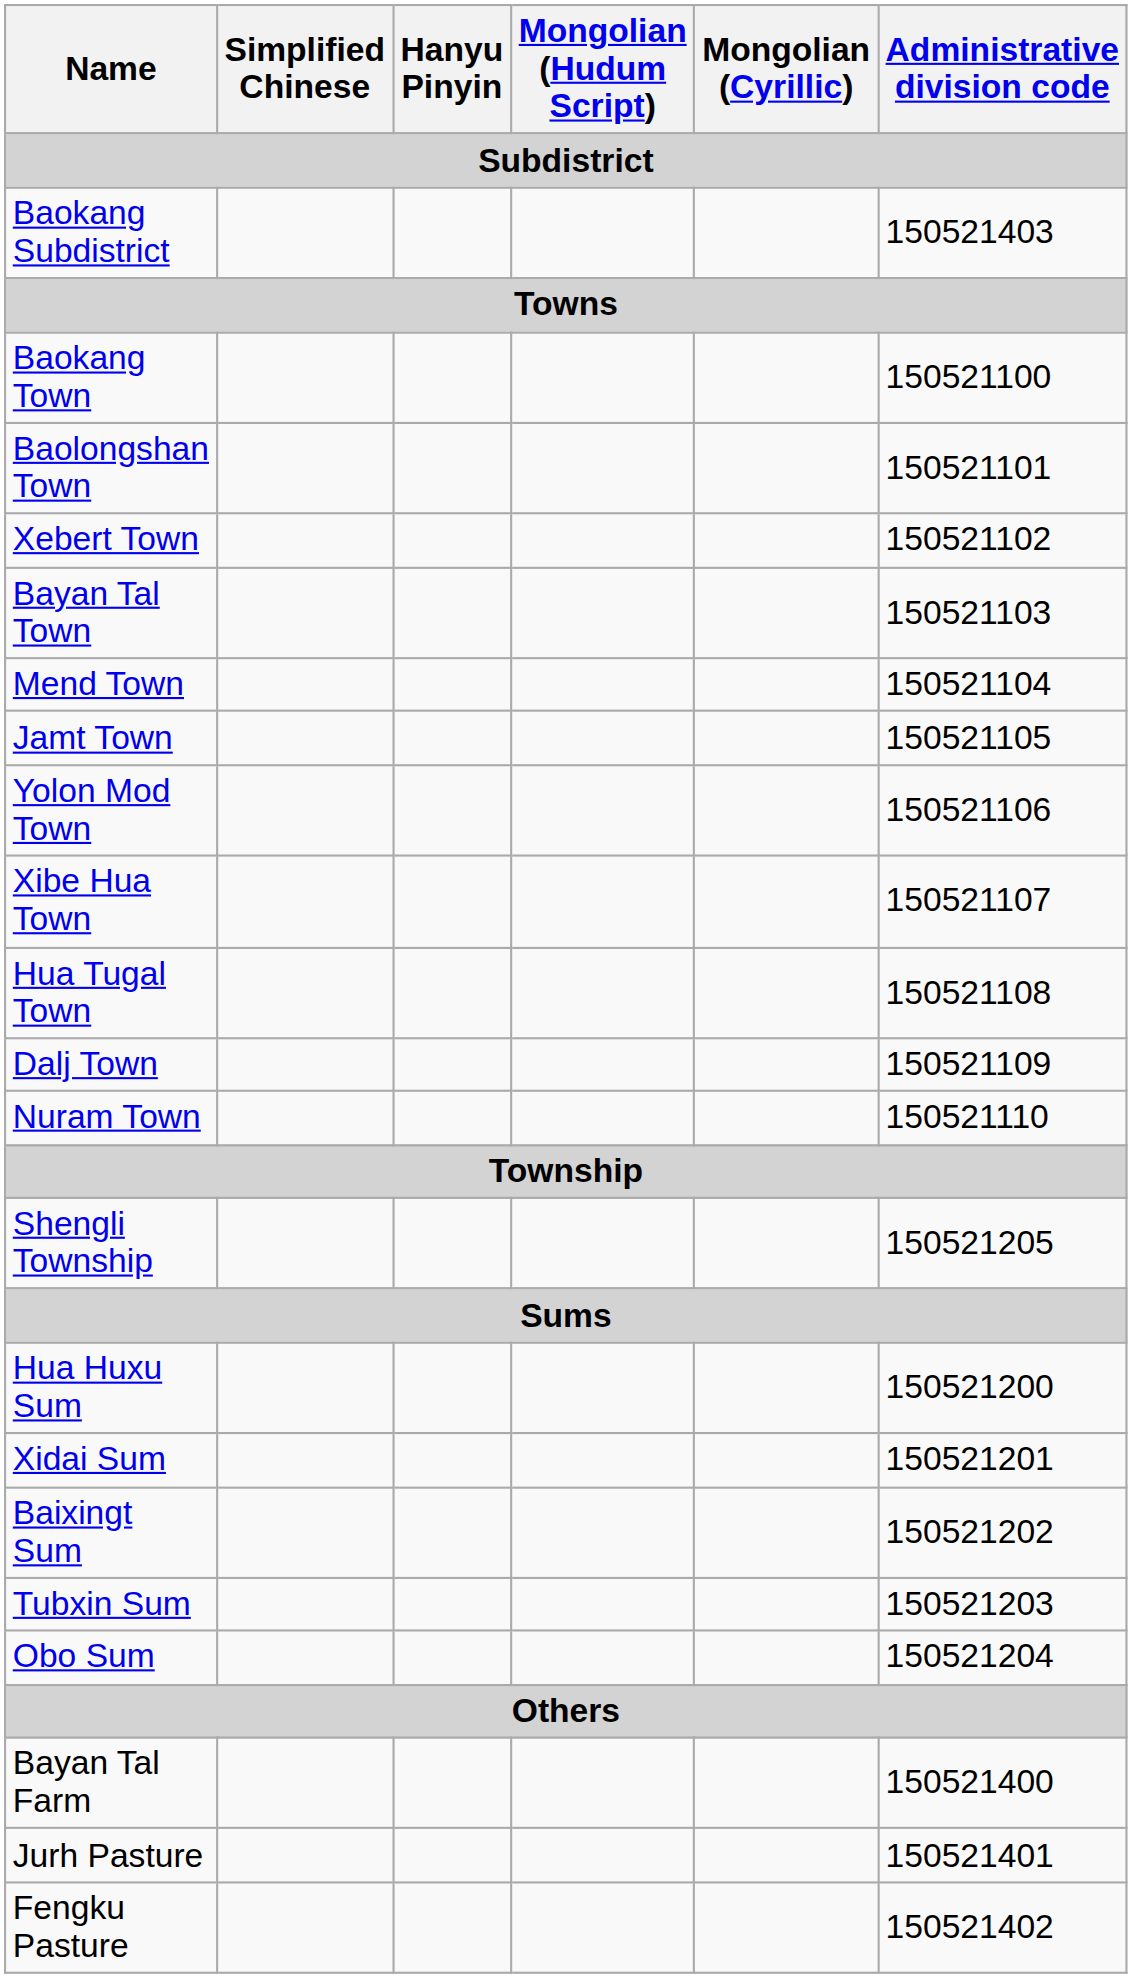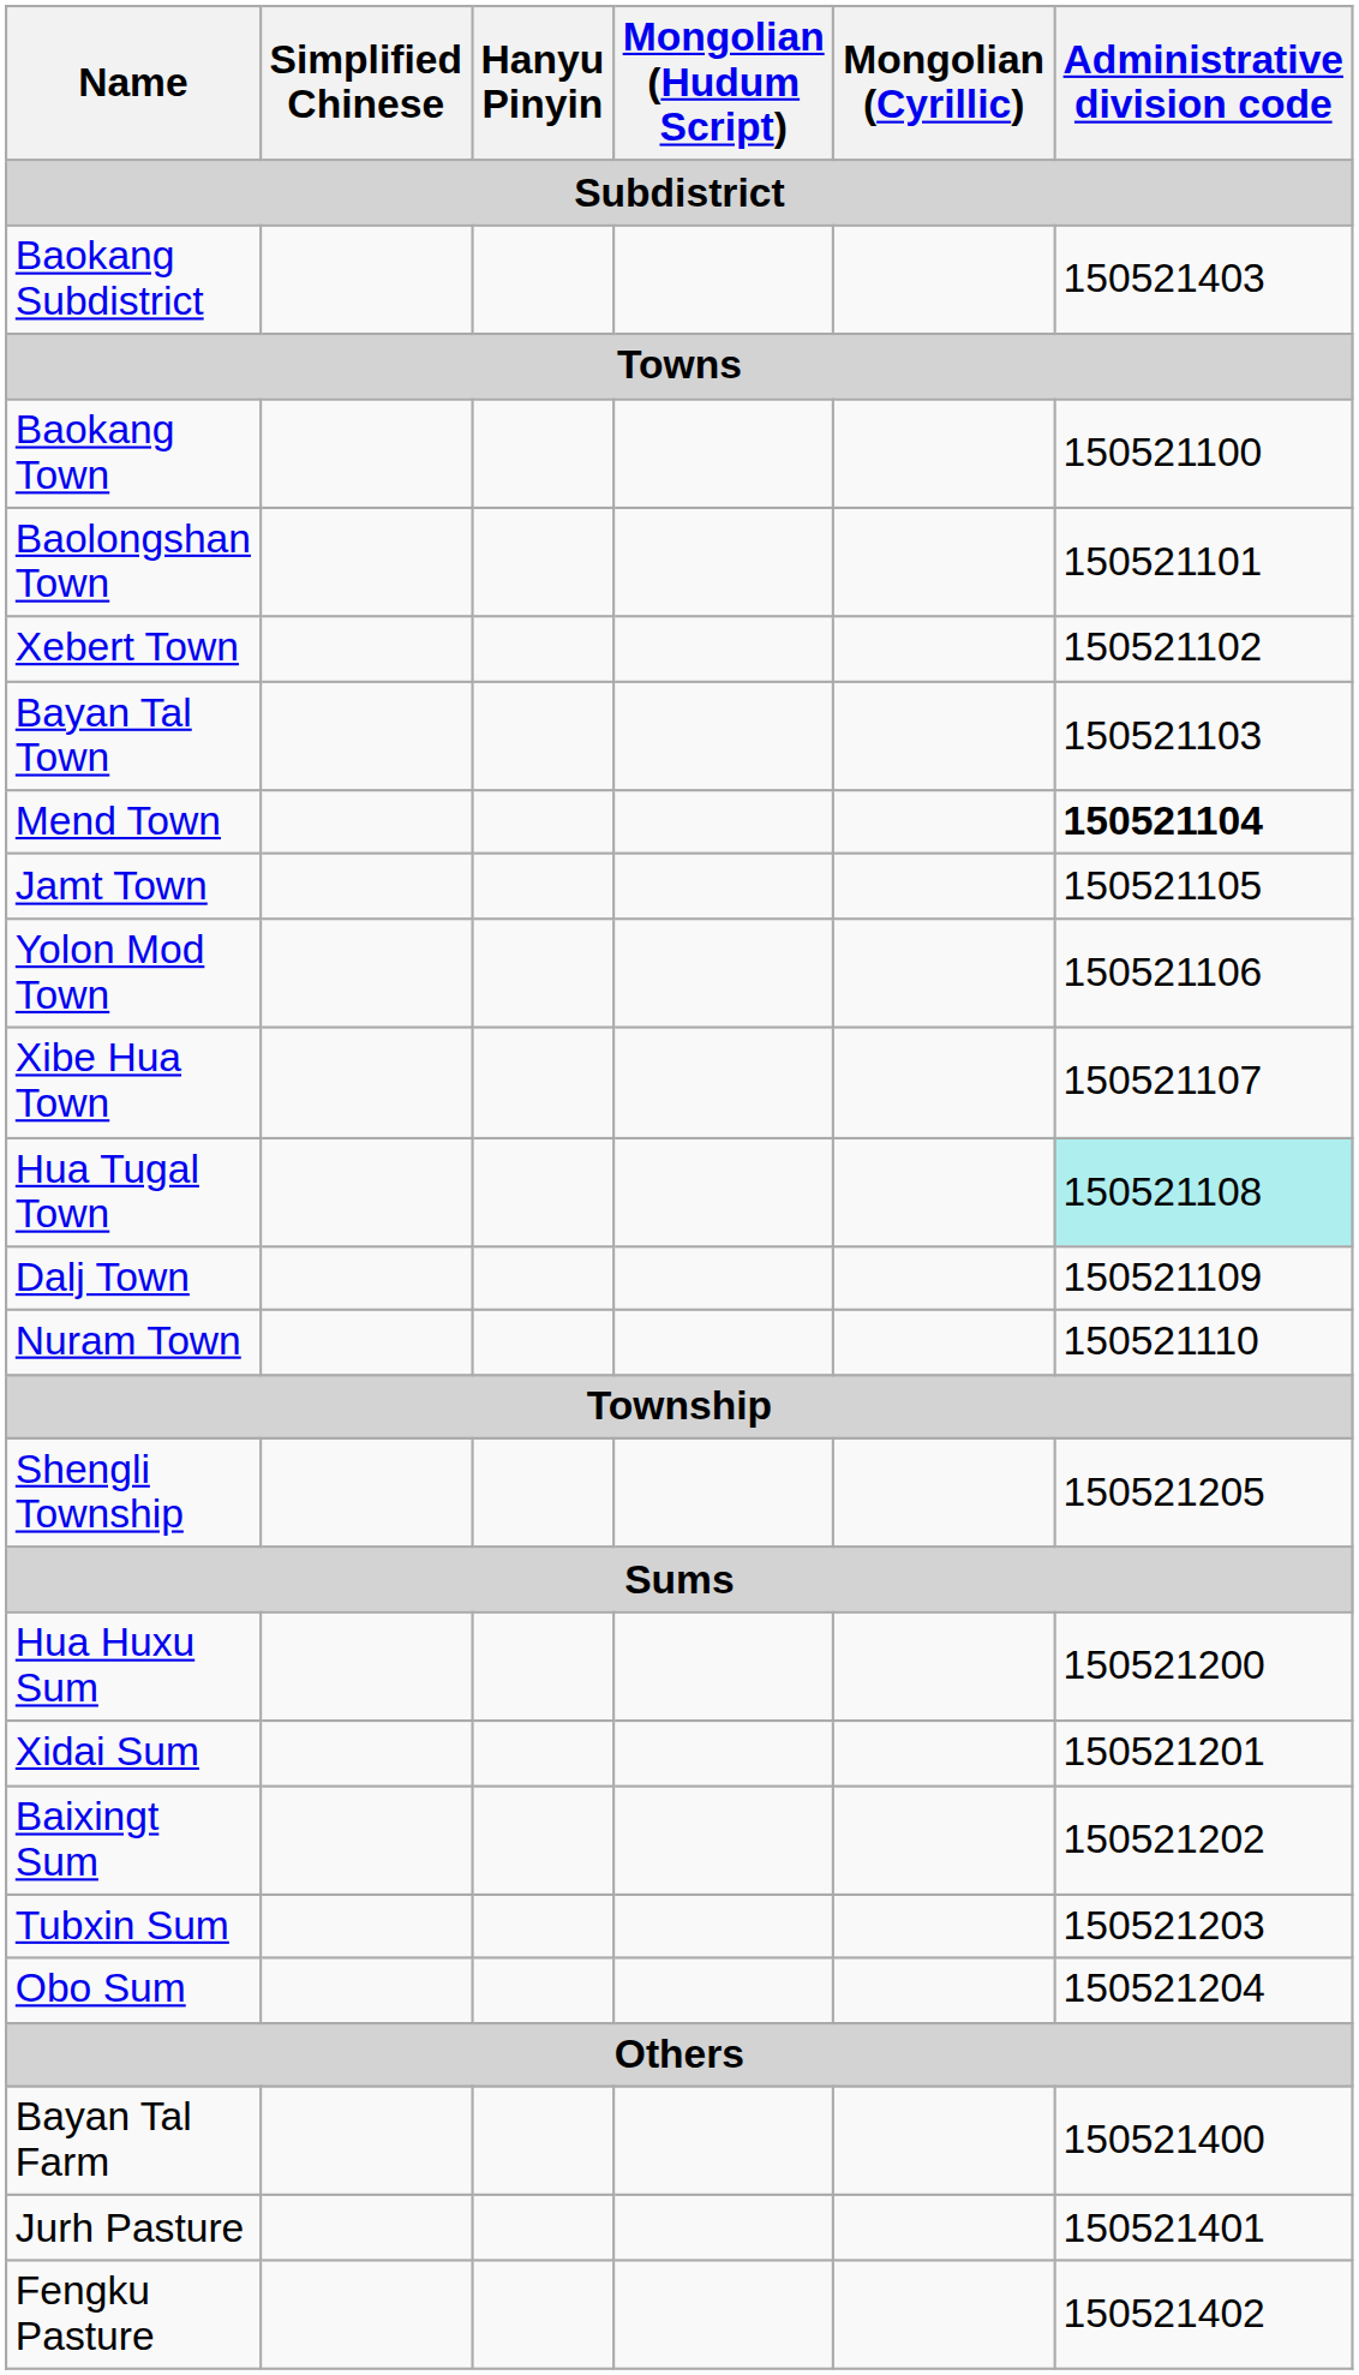 <table class="wikitable" align="center" style="width:50%; border="1">
 <tr>
 <th>Name</th>
 <th>Simplified Chinese</th>
 <th>Hanyu Pinyin</th>
 <th><a href='#'>Mongolian</a> (<a href='#'>Hudum Script</a>)</th>
 <th>Mongolian (<a href='#'>Cyrillic</a>)</th>
 <th><a href='#'>Administrative division code</a></th>
 </tr>
 <tr>
 <td colspan="6"  style="text-align:center; background:#d3d3d3;"><strong>Subdistrict</strong></td>
 </tr>
 <tr --------->
 <td><a href='#'>Baokang Subdistrict</a></td>
 <td></td>
 <td></td>
 <td></td>
 <td></td>
 <td>150521403</td>
 </tr>
 <tr>
 <td colspan="6"  style="text-align:center; background:#d3d3d3;"><strong>Towns</strong></td>
 </tr>
 <tr --------->
 <td><a href='#'>Baokang Town</a></td>
 <td></td>
 <td></td>
 <td></td>
 <td></td>
 <td>150521100</td>
 </tr>
 <tr>
 <td><a href='#'>Baolongshan Town</a></td>
 <td></td>
 <td></td>
 <td></td>
 <td></td>
 <td>150521101</td>
 </tr>
 <tr>
 <td><a href='#'>Xebert Town</a></td>
 <td></td>
 <td></td>
 <td></td>
 <td></td>
 <td>150521102</td>
 </tr>
 <tr>
 <td><a href='#'>Bayan Tal Town</a></td>
 <td></td>
 <td></td>
 <td></td>
 <td></td>
 <td>150521103</td>
 </tr>
 <tr>
 <td><a href='#'>Mend Town</a></td>
 <td></td>
 <td></td>
 <td></td>
 <td></td>
-<td>150521104</td>
+<td><strong>150521104</strong></td>
 </tr>
 <tr>
 <td><a href='#'>Jamt Town</a></td>
 <td></td>
 <td></td>
 <td></td>
 <td></td>
 <td>150521105</td>
 </tr>
 <tr>
 <td><a href='#'>Yolon Mod Town</a></td>
 <td></td>
 <td></td>
 <td></td>
 <td></td>
 <td>150521106</td>
 </tr>
 <tr>
 <td><a href='#'>Xibe Hua Town</a></td>
 <td></td>
 <td></td>
 <td></td>
 <td></td>
 <td>150521107</td>
 </tr>
 <tr>
 <td><a href='#'>Hua Tugal Town</a></td>
 <td></td>
 <td></td>
 <td></td>
 <td></td>
-<td>150521108</td>
+<td style="background: paleturquoise;">150521108</td>
 </tr>
 <tr>
 <td><a href='#'>Dalj Town</a></td>
 <td></td>
 <td></td>
 <td></td>
 <td></td>
 <td>150521109</td>
 </tr>
 <tr>
 <td><a href='#'>Nuram Town</a></td>
 <td></td>
 <td></td>
 <td></td>
 <td></td>
 <td>150521110</td>
 </tr>
 <tr>
 <td colspan="6"  style="text-align:center; background:#d3d3d3;"><strong>Township</strong></td>
 </tr>
 <tr --------->
 <td><a href='#'>Shengli Township</a></td>
 <td></td>
 <td></td>
 <td></td>
 <td></td>
 <td>150521205</td>
 </tr>
 <tr>
 <td colspan="6"  style="text-align:center; background:#d3d3d3;"><strong>Sums</strong></td>
 </tr>
 <tr --------->
 <td><a href='#'>Hua Huxu Sum</a></td>
 <td></td>
 <td></td>
 <td></td>
 <td></td>
 <td>150521200</td>
 </tr>
 <tr>
 <td><a href='#'>Xidai Sum</a></td>
 <td></td>
 <td></td>
 <td></td>
 <td></td>
 <td>150521201</td>
 </tr>
 <tr>
 <td><a href='#'>Baixingt Sum</a></td>
 <td></td>
 <td></td>
 <td></td>
 <td></td>
 <td>150521202</td>
 </tr>
 <tr>
 <td><a href='#'>Tubxin Sum</a></td>
 <td></td>
 <td></td>
 <td></td>
 <td></td>
 <td>150521203</td>
 </tr>
 <tr>
 <td><a href='#'>Obo Sum</a></td>
 <td></td>
 <td></td>
 <td></td>
 <td></td>
 <td>150521204</td>
 </tr>
 <tr>
 <td colspan="6"  style="text-align:center; background:#d3d3d3;"><strong>Others</strong></td>
 </tr>
 <tr --------->
 <td>Bayan Tal Farm</td>
 <td></td>
 <td></td>
 <td></td>
 <td></td>
 <td>150521400</td>
 </tr>
 <tr>
 <td>Jurh Pasture</td>
 <td></td>
 <td></td>
 <td></td>
 <td></td>
 <td>150521401</td>
 </tr>
 <tr>
 <td>Fengku Pasture</td>
 <td></td>
 <td></td>
 <td></td>
 <td></td>
 <td>150521402</td>
 </tr>
 </table>
